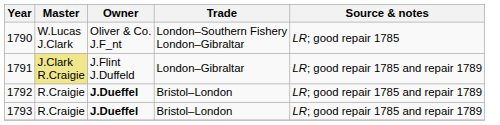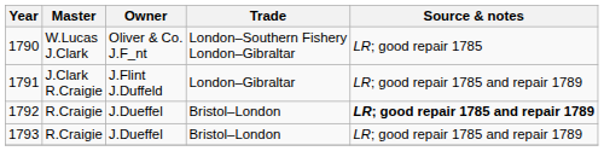 <table class=" wikitable">
 <tr>
 <th>Year</th>
 <th>Master</th>
 <th>Owner</th>
 <th>Trade</th>
 <th>Source & notes</th>
 </tr>
 <tr>
 <td>1790</td>
 <td>W.Lucas<br>J.Clark</td>
 <td>Oliver & Co.<br>J.F_nt</td>
 <td>London–Southern Fishery<br>London–Gibraltar</td>
 <td><em>LR</em>; good repair 1785</td>
 </tr>
 <tr>
 <td>1791</td>
-<td style="background: khaki;">J.Clark<br>R.Craigie</td>
+<td>J.Clark<br>R.Craigie</td>
 <td>J.Flint<br>J.Duffeld</td>
 <td>London–Gibraltar</td>
 <td><em>LR</em>; good repair 1785 and repair 1789</td>
 </tr>
 <tr>
 <td>1792</td>
 <td>R.Craigie</td>
-<td><strong>J.Dueffel</strong></td>
+<td>J.Dueffel</td>
 <td>Bristol–London</td>
-<td><em>LR</em>; good repair 1785 and repair 1789</td>
+<td><strong><em>LR</em>; good repair 1785 and repair 1789</strong></td>
 </tr>
 <tr>
 <td>1793</td>
 <td>R.Craigie</td>
-<td><strong>J.Dueffel</strong></td>
+<td>J.Dueffel</td>
 <td>Bristol–London</td>
 <td><em>LR</em>; good repair 1785 and repair 1789</td>
 </tr>
 <tr>
 </tr>
 </table>
